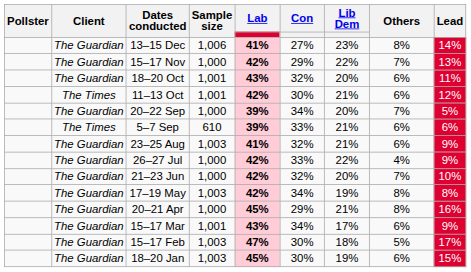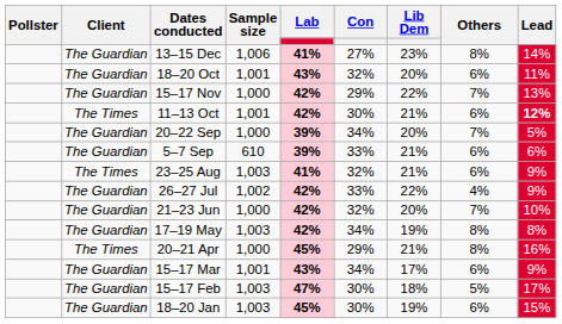 <table class="wikitable sortable mw-datatable" style="text-align:center;font-size:90%;line-height:14px;">
 <tr>
 <th rowspan="2">Pollster</th>
 <th rowspan="2">Client</th>
 <th rowspan="2">Dates<br>conducted</th>
 <th rowspan="2" data-sort-type="number">Sample<br>size</th>
 <th class="unsortable" style="width:50px;"><a href='#'>Lab</a></th>
 <th class="unsortable" style="width:50px;"><a href='#'>Con</a></th>
 <th class="unsortable" style="width:50px;"><a href='#'>Lib Dem</a></th>
 <th rowspan="2" class="unsortable" style="width:75px;">Others</th>
 <th rowspan="2">Lead</th>
 </tr>
 <tr>
 <th data-sort-type="number" style="background:#DE0031;"></th>
 <th data-sort-type="number" style="background:"></th>
 <th data-sort-type="number" style="background:"></th>
 </tr>
 <tr>
 <td></td>
 <td><em>The Guardian</em></td>
 <td>13–15 Dec</td>
 <td>1,006</td>
 <td style="background:#FFCCD7;"><strong>41%</strong></td>
 <td>27%</td>
 <td>23%</td>
 <td>8%</td>
 <td style="background:#DE0031;color:#FFFFFF;">14%</td>
 </tr>
 <tr>
 <td></td>
 <td><em>The Guardian</em></td>
+<td>18–20 Oct</td>
+<td>1,001</td>
+<td style="background:#FFCCD7;"><strong>43%</strong></td>
+<td>32%</td>
+<td>20%</td>
+<td>6%</td>
+<td style="background:#DE0031;color:#FFFFFF;">11%</td>
+</tr>
+<tr>
+<td></td>
+<td><em>The Guardian</em></td>
 <td>15–17 Nov</td>
 <td>1,000</td>
 <td style="background:#FFCCD7;"><strong>42%</strong></td>
 <td>29%</td>
 <td>22%</td>
 <td>7%</td>
 <td style="background:#DE0031;color:#FFFFFF;">13%</td>
 </tr>
 <tr>
 <td></td>
-<td><em>The Guardian</em></td>
-<td>18–20 Oct</td>
-<td>1,001</td>
-<td style="background:#FFCCD7;"><strong>43%</strong></td>
-<td>32%</td>
-<td>20%</td>
-<td>6%</td>
-<td style="background:#DE0031;color:#FFFFFF;">11%</td>
-</tr>
-<tr>
-<td></td>
 <td><em>The Times</em></td>
 <td>11–13 Oct</td>
 <td>1,001</td>
 <td style="background:#FFCCD7;"><strong>42%</strong></td>
 <td>30%</td>
 <td>21%</td>
 <td>6%</td>
-<td style="background:#DE0031;color:#FFFFFF;">12%</td>
+<td style="background:#DE0031;color:#FFFFFF;"><strong>12%</strong></td>
 </tr>
 <tr>
 <td></td>
 <td><em>The Guardian</em></td>
 <td>20–22 Sep</td>
 <td>1,000</td>
 <td style="background:#FFCCD7;"><strong>39%</strong></td>
 <td>34%</td>
 <td>20%</td>
 <td>7%</td>
 <td style="background:#DE0031;color:#FFFFFF;">5%</td>
 </tr>
 <tr>
 <td></td>
-<td><em>The Times</em></td>
+<td><em>The Guardian</em></td>
 <td>5–7 Sep</td>
 <td>610</td>
 <td style="background:#FFCCD7;"><strong>39%</strong></td>
 <td>33%</td>
 <td>21%</td>
 <td>6%</td>
 <td style="background:#DE0031;color:#FFFFFF;">6%</td>
 </tr>
 <tr>
 <td></td>
-<td><em>The Guardian</em></td>
+<td><em>The Times</em></td>
 <td>23–25 Aug</td>
 <td>1,003</td>
 <td style="background:#FFCCD7;"><strong>41%</strong></td>
 <td>32%</td>
 <td>21%</td>
 <td>6%</td>
 <td style="background:#DE0031;color:#FFFFFF;">9%</td>
 </tr>
 <tr>
 <td></td>
 <td><em>The Guardian</em></td>
 <td>26–27 Jul</td>
-<td>1,000</td>
+<td>1,002</td>
 <td style="background:#FFCCD7;"><strong>42%</strong></td>
 <td>33%</td>
 <td>22%</td>
 <td>4%</td>
 <td style="background:#DE0031;color:#FFFFFF;">9%</td>
 </tr>
 <tr>
 <td></td>
 <td><em>The Guardian</em></td>
 <td>21–23 Jun</td>
 <td>1,000</td>
 <td style="background:#FFCCD7;"><strong>42%</strong></td>
 <td>32%</td>
 <td>20%</td>
 <td>7%</td>
 <td style="background:#DE0031;color:#FFFFFF;">10%</td>
 </tr>
 <tr>
 <td></td>
 <td><em>The Guardian</em></td>
 <td>17–19 May</td>
 <td>1,003</td>
 <td style="background:#FFCCD7;"><strong>42%</strong></td>
 <td>34%</td>
 <td>19%</td>
 <td>8%</td>
 <td style="background:#DE0031;color:#FFFFFF;">8%</td>
 </tr>
 <tr>
 <td></td>
-<td><em>The Guardian</em></td>
+<td><em>The Times</em></td>
 <td>20–21 Apr</td>
 <td>1,000</td>
 <td style="background:#FFCCD7;"><strong>45%</strong></td>
 <td>29%</td>
 <td>21%</td>
 <td>8%</td>
 <td style="background:#DE0031;color:#FFFFFF;">16%</td>
 </tr>
 <tr>
 <td></td>
 <td><em>The Guardian</em></td>
 <td>15–17 Mar</td>
 <td>1,001</td>
 <td style="background:#FFCCD7;"><strong>43%</strong></td>
 <td>34%</td>
 <td>17%</td>
 <td>6%</td>
 <td style="background:#DE0031;color:#FFFFFF;">9%</td>
 </tr>
 <tr>
 <td></td>
 <td><em>The Guardian</em></td>
 <td>15–17 Feb</td>
 <td>1,003</td>
 <td style="background:#FFCCD7;"><strong>47%</strong></td>
 <td>30%</td>
 <td>18%</td>
 <td>5%</td>
 <td style="background:#DE0031;color:#FFFFFF;">17%</td>
 </tr>
 <tr>
 <td></td>
 <td><em>The Guardian</em></td>
 <td>18–20 Jan</td>
 <td>1,003</td>
 <td style="background:#FFCCD7;"><strong>45%</strong></td>
 <td>30%</td>
 <td>19%</td>
 <td>6%</td>
 <td style="background:#DE0031;color:#FFFFFF;">15%</td>
 </tr>
 </table>
